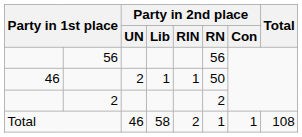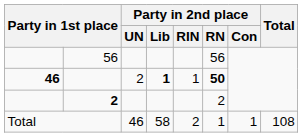 <table class="wikitable" style="text-align:right;">
 <tr>
 <th rowspan="2" colspan="2" style="text-align:left;">Party in 1st place</th>
 <th colspan="5">Party in 2nd place</th>
 <th rowspan="2">Total</th>
 </tr>
 <tr>
 <th>UN</th>
 <th>Lib</th>
 <th>RIN</th>
 <th>RN</th>
 <th>Con</th>
 </tr>
 <tr>
 <td></td>
 <td>56</td>
 <td></td>
 <td></td>
 <td></td>
 <td>56</td>
 </tr>
 <tr>
-<td>46</td>
+<td><strong>46</strong></td>
 <td></td>
 <td>2</td>
+<td><strong>1</strong></td>
 <td>1</td>
-<td>1</td>
-<td>50</td>
+<td><strong>50</strong></td>
 </tr>
 <tr>
 <td></td>
-<td>2</td>
+<td><strong>2</strong></td>
 <td></td>
 <td></td>
 <td></td>
 <td>2</td>
 </tr>
 <tr>
 <td colspan="2" style="text-align:left;">Total</td>
 <td>46</td>
 <td>58</td>
 <td>2</td>
 <td>1</td>
 <td>1</td>
 <td>108</td>
 </tr>
 </table>
